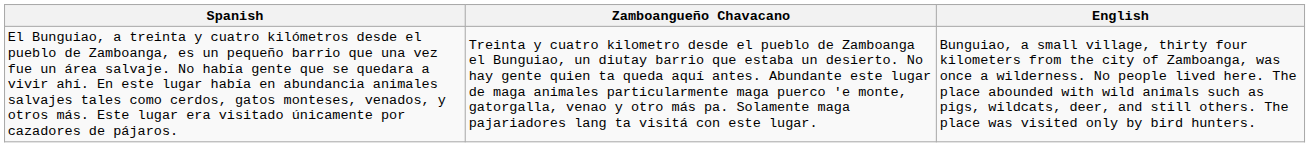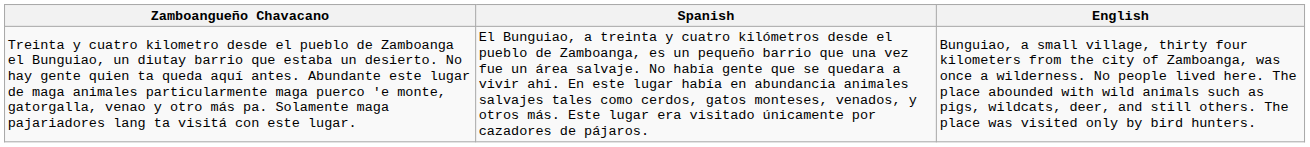 <table class="wikitable">
 <tr>
+<th>Zamboangueño Chavacano</th>
 <th>Spanish</th>
-<th>Zamboangueño Chavacano</th>
 <th>English</th>
 </tr>
 <tr>
+<td>Treinta y cuatro kilometro desde el pueblo de Zamboanga el Bunguiao, un diutay barrio que estaba un desierto. No hay gente quien ta queda aquí antes. Abundante este lugar de maga animales particularmente maga puerco 'e monte, gatorgalla, venao y otro más pa. Solamente maga pajariadores lang ta visitá con este lugar.</td>
 <td>El Bunguiao, a treinta y cuatro kilómetros desde el pueblo de Zamboanga, es un pequeño barrio que una vez fue un área salvaje. No había gente que se quedara a vivir ahí. En este lugar había en abundancia animales salvajes tales como cerdos, gatos monteses, venados, y otros más. Este lugar era visitado únicamente por cazadores de pájaros.</td>
-<td>Treinta y cuatro kilometro desde el pueblo de Zamboanga el Bunguiao, un diutay barrio que estaba un desierto. No hay gente quien ta queda aquí antes. Abundante este lugar de maga animales particularmente maga puerco 'e monte, gatorgalla, venao y otro más pa. Solamente maga pajariadores lang ta visitá con este lugar.</td>
 <td>Bunguiao, a small village, thirty four kilometers from the city of Zamboanga, was once a wilderness. No people lived here. The place abounded with wild animals such as pigs, wildcats, deer, and still others. The place was visited only by bird hunters.</td>
 </tr>
 </table>
